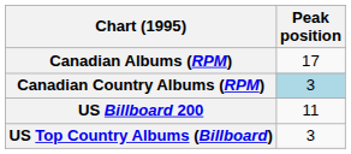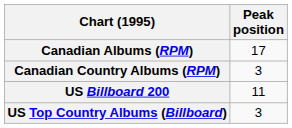 <table class="wikitable sortable plainrowheaders" style="text-align:center">
 <tr>
 <th scope="col">Chart (1995)</th>
 <th scope="col">Peak<br> position</th>
 </tr>
 <tr>
 <th scope="row">Canadian Albums (<em><a href='#'>RPM</a></em>)</th>
 <td>17</td>
 </tr>
 <tr>
 <th scope="row">Canadian Country Albums (<em><a href='#'>RPM</a></em>)</th>
-<td style="background: lightblue;">3</td>
+<td>3</td>
 </tr>
 <tr>
 <th scope="row">US <a href='#'><em>Billboard</em> 200</a></th>
 <td>11</td>
 </tr>
 <tr>
 <th scope="row">US <a href='#'>Top Country Albums</a> (<em><a href='#'>Billboard</a></em>)</th>
 <td>3</td>
 </tr>
 </table>
